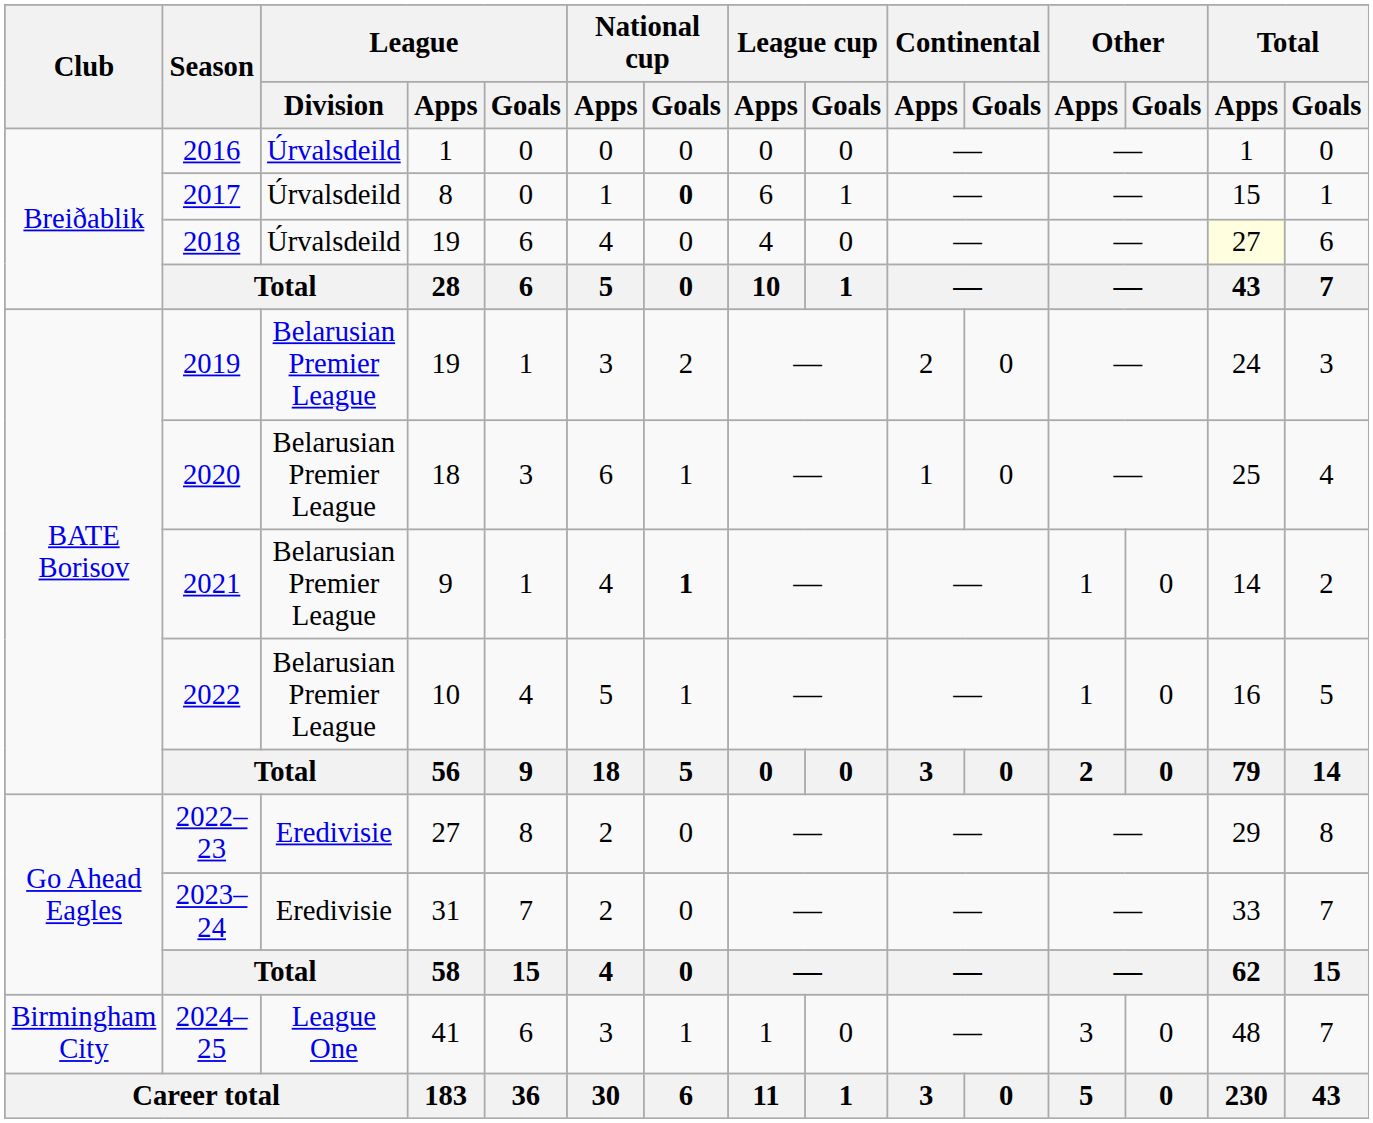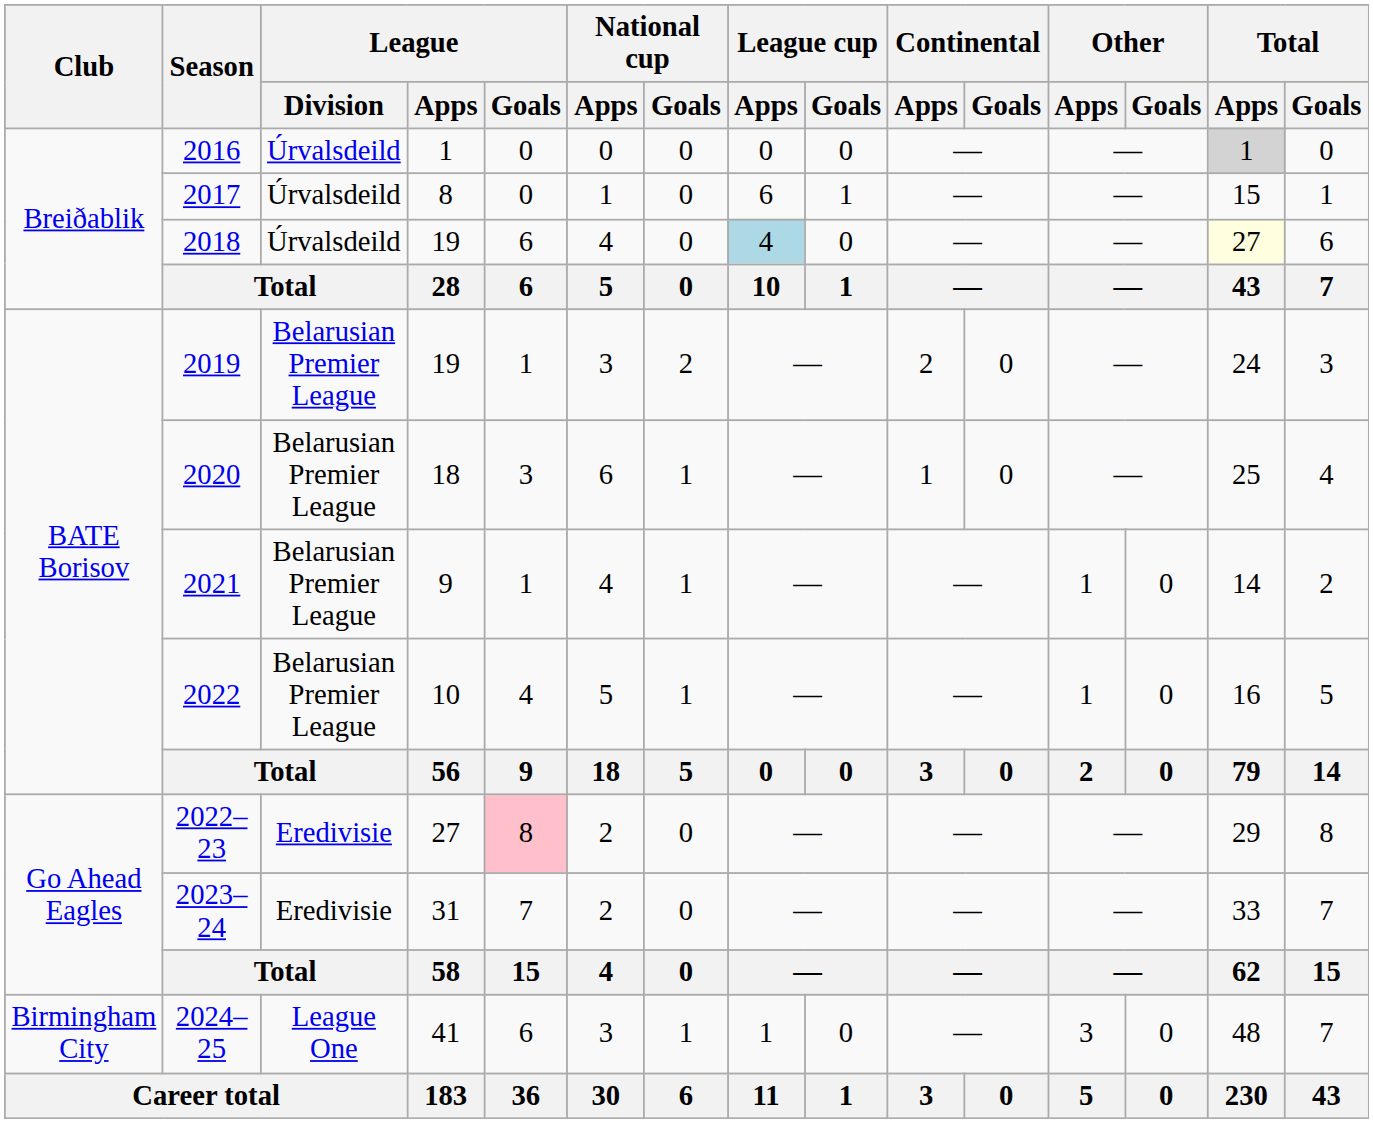 <table class="wikitable" style="text-align:center">
 <tr>
 <th rowspan="2">Club</th>
 <th rowspan="2">Season</th>
 <th colspan="3">League</th>
 <th colspan="2">National cup</th>
 <th colspan="2">League cup</th>
 <th colspan="2">Continental</th>
 <th colspan="2">Other</th>
 <th colspan="2">Total</th>
 </tr>
 <tr>
 <th>Division</th>
 <th>Apps</th>
 <th>Goals</th>
 <th>Apps</th>
 <th>Goals</th>
 <th>Apps</th>
 <th>Goals</th>
 <th>Apps</th>
 <th>Goals</th>
 <th>Apps</th>
 <th>Goals</th>
 <th>Apps</th>
 <th>Goals</th>
 </tr>
 <tr>
 <td rowspan="4"><a href='#'>Breiðablik</a></td>
 <td><a href='#'>2016</a></td>
 <td><a href='#'>Úrvalsdeild</a></td>
 <td>1</td>
 <td>0</td>
 <td>0</td>
 <td>0</td>
 <td>0</td>
 <td>0</td>
 <td colspan="2">—</td>
 <td colspan="2">—</td>
-<td>1</td>
+<td style="background: lightgrey;">1</td>
 <td>0</td>
 </tr>
 <tr>
 <td><a href='#'>2017</a></td>
 <td>Úrvalsdeild</td>
 <td>8</td>
 <td>0</td>
 <td>1</td>
-<td><strong>0</strong></td>
+<td>0</td>
 <td>6</td>
 <td>1</td>
 <td colspan="2">—</td>
 <td colspan="2">—</td>
 <td>15</td>
 <td>1</td>
 </tr>
 <tr>
 <td><a href='#'>2018</a></td>
 <td>Úrvalsdeild</td>
 <td>19</td>
 <td>6</td>
 <td>4</td>
 <td>0</td>
-<td>4</td>
+<td style="background: lightblue;">4</td>
 <td>0</td>
 <td colspan="2">—</td>
 <td colspan="2">—</td>
 <td style="background: lightyellow;">27</td>
 <td>6</td>
 </tr>
 <tr>
 <th colspan="2">Total</th>
 <th>28</th>
 <th>6</th>
 <th>5</th>
 <th>0</th>
 <th>10</th>
 <th>1</th>
 <th colspan="2">—</th>
 <th colspan="2">—</th>
 <th>43</th>
 <th>7</th>
 </tr>
 <tr>
 <td rowspan="5"><a href='#'>BATE Borisov</a></td>
 <td><a href='#'>2019</a></td>
 <td><a href='#'>Belarusian Premier League</a></td>
 <td>19</td>
 <td>1</td>
 <td>3</td>
 <td>2</td>
 <td colspan="2">—</td>
 <td>2</td>
 <td>0</td>
 <td colspan="2">—</td>
 <td>24</td>
 <td>3</td>
 </tr>
 <tr>
 <td><a href='#'>2020</a></td>
 <td>Belarusian Premier League</td>
 <td>18</td>
 <td>3</td>
 <td>6</td>
 <td>1</td>
 <td colspan="2">—</td>
 <td>1</td>
 <td>0</td>
 <td colspan="2">—</td>
 <td>25</td>
 <td>4</td>
 </tr>
 <tr>
 <td><a href='#'>2021</a></td>
 <td>Belarusian Premier League</td>
 <td>9</td>
 <td>1</td>
 <td>4</td>
-<td><strong>1</strong></td>
+<td>1</td>
 <td colspan="2">—</td>
 <td colspan="2">—</td>
 <td>1</td>
 <td>0</td>
 <td>14</td>
 <td>2</td>
 </tr>
 <tr>
 <td><a href='#'>2022</a></td>
 <td>Belarusian Premier League</td>
 <td>10</td>
 <td>4</td>
 <td>5</td>
 <td>1</td>
 <td colspan="2">—</td>
 <td colspan="2">—</td>
 <td>1</td>
 <td>0</td>
 <td>16</td>
 <td>5</td>
 </tr>
 <tr>
 <th colspan="2">Total</th>
 <th>56</th>
 <th>9</th>
 <th>18</th>
 <th>5</th>
 <th>0</th>
 <th>0</th>
 <th>3</th>
 <th>0</th>
 <th>2</th>
 <th>0</th>
 <th>79</th>
 <th>14</th>
 </tr>
 <tr>
 <td rowspan="3"><a href='#'>Go Ahead Eagles</a></td>
 <td><a href='#'>2022–23</a></td>
 <td><a href='#'>Eredivisie</a></td>
 <td>27</td>
-<td>8</td>
+<td style="background: pink;">8</td>
 <td>2</td>
 <td>0</td>
 <td colspan="2">—</td>
 <td colspan="2">—</td>
 <td colspan="2">—</td>
 <td>29</td>
 <td>8</td>
 </tr>
 <tr>
 <td><a href='#'>2023–24</a></td>
 <td>Eredivisie</td>
 <td>31</td>
 <td>7</td>
 <td>2</td>
 <td>0</td>
 <td colspan="2">—</td>
 <td colspan="2">—</td>
 <td colspan="2">—</td>
 <td>33</td>
 <td>7</td>
 </tr>
 <tr>
 <th colspan="2">Total</th>
 <th>58</th>
 <th>15</th>
 <th>4</th>
 <th>0</th>
 <th colspan="2">—</th>
 <th colspan="2">—</th>
 <th colspan="2">—</th>
 <th>62</th>
 <th>15</th>
 </tr>
 <tr>
 <td><a href='#'>Birmingham City</a></td>
 <td><a href='#'>2024–25</a></td>
 <td><a href='#'>League One</a></td>
 <td>41</td>
 <td>6</td>
 <td>3</td>
 <td>1</td>
 <td>1</td>
 <td>0</td>
 <td colspan="2">—</td>
 <td>3</td>
 <td>0</td>
 <td>48</td>
 <td>7</td>
 </tr>
 <tr>
 <th colspan="3">Career total</th>
 <th>183</th>
 <th>36</th>
 <th>30</th>
 <th>6</th>
 <th>11</th>
 <th>1</th>
 <th>3</th>
 <th>0</th>
 <th>5</th>
 <th>0</th>
 <th>230</th>
 <th>43</th>
 </tr>
 </table>
